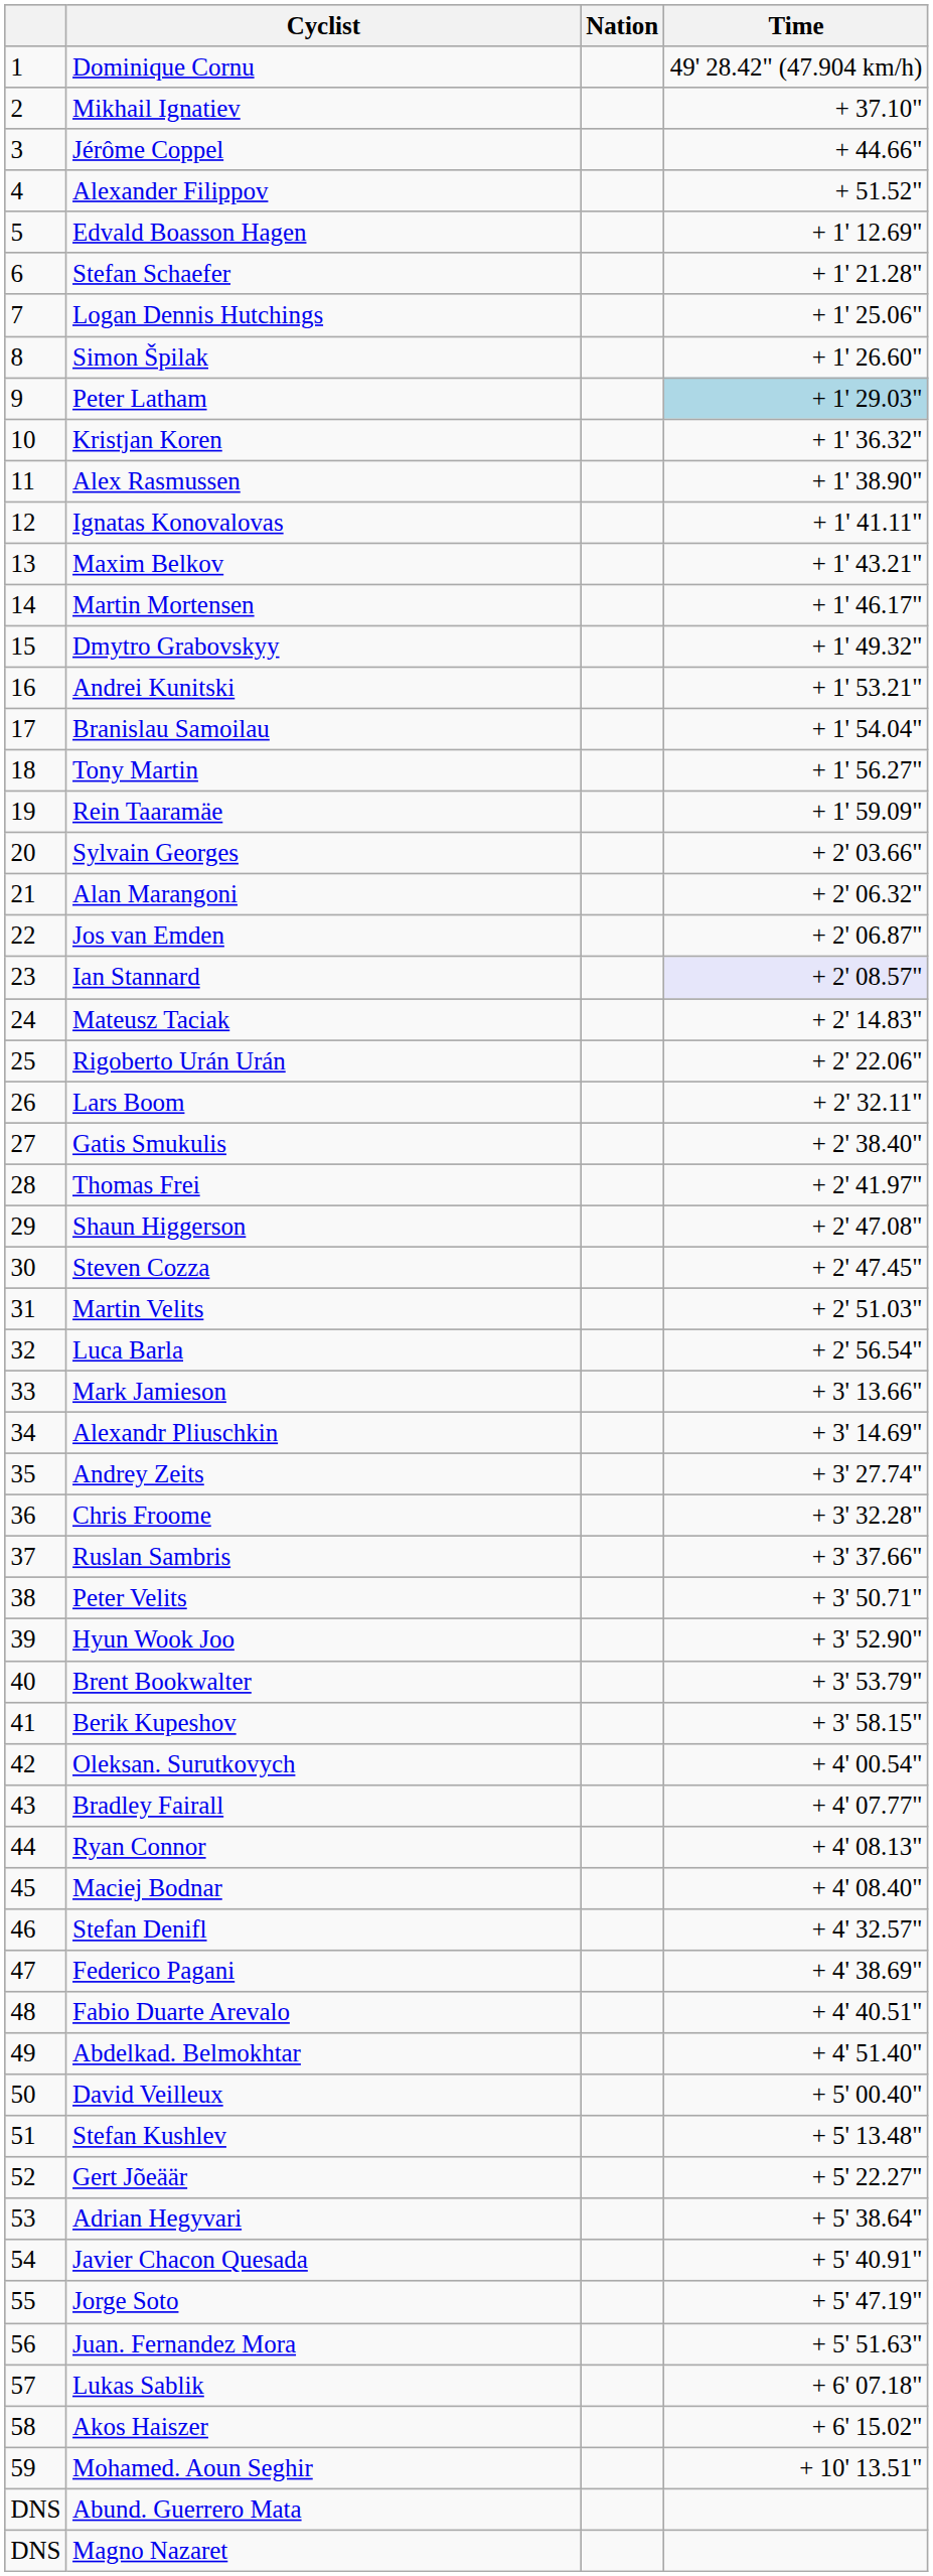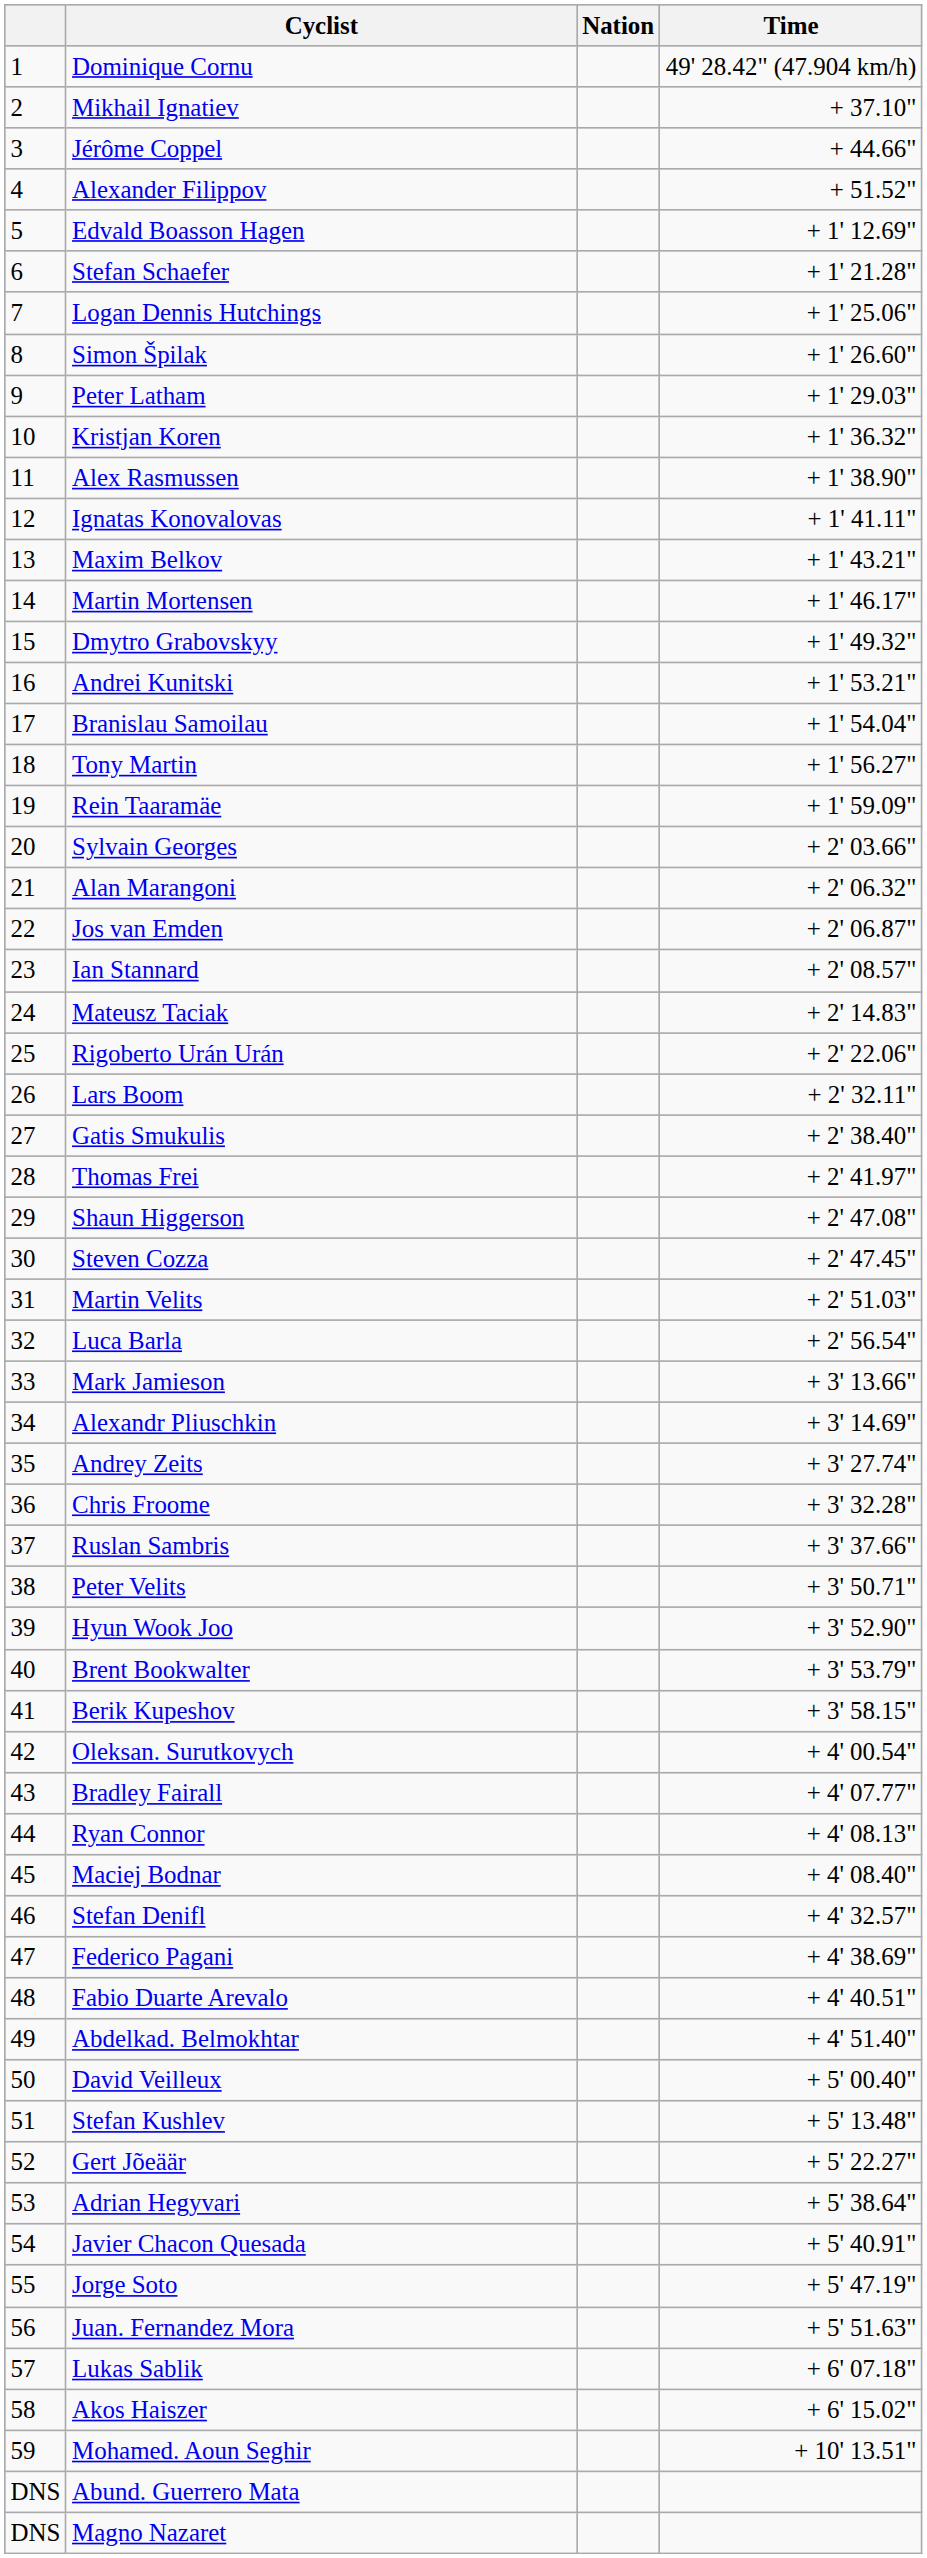 <table class="wikitable" style="font-size:95%;">
 <tr>
 <th></th>
 <th align="left" style="width: 20em">Cyclist</th>
 <th>Nation</th>
 <th>Time</th>
 </tr>
 <tr>
 <td>1</td>
 <td><a href='#'>Dominique Cornu</a></td>
 <td></td>
 <td>49' 28.42" (47.904 km/h)</td>
 </tr>
 <tr>
 <td>2</td>
 <td><a href='#'>Mikhail Ignatiev</a></td>
 <td></td>
 <td align=right>+ 37.10"</td>
 </tr>
 <tr>
 <td>3</td>
 <td><a href='#'>Jérôme Coppel</a></td>
 <td></td>
 <td align=right>+ 44.66"</td>
 </tr>
 <tr>
 <td>4</td>
 <td><a href='#'>Alexander Filippov</a></td>
 <td></td>
 <td align=right>+ 51.52"</td>
 </tr>
 <tr>
 <td>5</td>
 <td><a href='#'>Edvald Boasson Hagen</a></td>
 <td></td>
 <td align=right>+ 1' 12.69"</td>
 </tr>
 <tr>
 <td>6</td>
 <td><a href='#'>Stefan Schaefer</a></td>
 <td></td>
 <td align=right>+ 1' 21.28"</td>
 </tr>
 <tr>
 <td>7</td>
 <td><a href='#'>Logan Dennis Hutchings</a></td>
 <td></td>
 <td align=right>+ 1' 25.06"</td>
 </tr>
 <tr>
 <td>8</td>
 <td><a href='#'>Simon Špilak</a></td>
 <td></td>
 <td align=right>+ 1' 26.60"</td>
 </tr>
 <tr>
 <td>9</td>
 <td><a href='#'>Peter Latham</a></td>
 <td></td>
-<td align=right style="background: lightblue;">+ 1' 29.03"</td>
+<td align=right>+ 1' 29.03"</td>
 </tr>
 <tr>
 <td>10</td>
 <td><a href='#'>Kristjan Koren</a></td>
 <td></td>
 <td align=right>+ 1' 36.32"</td>
 </tr>
 <tr>
 <td>11</td>
 <td><a href='#'>Alex Rasmussen</a></td>
 <td></td>
 <td align=right>+ 1' 38.90"</td>
 </tr>
 <tr>
 <td>12</td>
 <td><a href='#'>Ignatas Konovalovas</a></td>
 <td></td>
 <td align=right>+ 1' 41.11"</td>
 </tr>
 <tr>
 <td>13</td>
 <td><a href='#'>Maxim Belkov</a></td>
 <td></td>
 <td align=right>+ 1' 43.21"</td>
 </tr>
 <tr>
 <td>14</td>
 <td><a href='#'>Martin Mortensen</a></td>
 <td></td>
 <td align=right>+ 1' 46.17"</td>
 </tr>
 <tr>
 <td>15</td>
 <td><a href='#'>Dmytro Grabovskyy</a></td>
 <td></td>
 <td align=right>+ 1' 49.32"</td>
 </tr>
 <tr>
 <td>16</td>
 <td><a href='#'>Andrei Kunitski</a></td>
 <td></td>
 <td align=right>+ 1' 53.21"</td>
 </tr>
 <tr>
 <td>17</td>
 <td><a href='#'>Branislau Samoilau</a></td>
 <td></td>
 <td align=right>+ 1' 54.04"</td>
 </tr>
 <tr>
 <td>18</td>
 <td><a href='#'>Tony Martin</a></td>
 <td></td>
 <td align=right>+ 1' 56.27"</td>
 </tr>
 <tr>
 <td>19</td>
 <td><a href='#'>Rein Taaramäe</a></td>
 <td></td>
 <td align=right>+ 1' 59.09"</td>
 </tr>
 <tr>
 <td>20</td>
 <td><a href='#'>Sylvain Georges</a></td>
 <td></td>
 <td align=right>+ 2' 03.66"</td>
 </tr>
 <tr>
 <td>21</td>
 <td><a href='#'>Alan Marangoni</a></td>
 <td></td>
 <td align=right>+ 2' 06.32"</td>
 </tr>
 <tr>
 <td>22</td>
 <td><a href='#'>Jos van Emden</a></td>
 <td></td>
 <td align=right>+ 2' 06.87"</td>
 </tr>
 <tr>
 <td>23</td>
 <td><a href='#'>Ian Stannard</a></td>
 <td></td>
-<td align=right style="background: lavender;">+ 2' 08.57"</td>
+<td align=right>+ 2' 08.57"</td>
 </tr>
 <tr>
 <td>24</td>
 <td><a href='#'>Mateusz Taciak</a></td>
 <td></td>
 <td align=right>+ 2' 14.83"</td>
 </tr>
 <tr>
 <td>25</td>
 <td><a href='#'>Rigoberto Urán Urán</a></td>
 <td></td>
 <td align=right>+ 2' 22.06"</td>
 </tr>
 <tr>
 <td>26</td>
 <td><a href='#'>Lars Boom</a></td>
 <td></td>
 <td align=right>+ 2' 32.11"</td>
 </tr>
 <tr>
 <td>27</td>
 <td><a href='#'>Gatis Smukulis</a></td>
 <td></td>
 <td align=right>+ 2' 38.40"</td>
 </tr>
 <tr>
 <td>28</td>
 <td><a href='#'>Thomas Frei</a></td>
 <td></td>
 <td align=right>+ 2' 41.97"</td>
 </tr>
 <tr>
 <td>29</td>
 <td><a href='#'>Shaun Higgerson</a></td>
 <td></td>
 <td align=right>+ 2' 47.08"</td>
 </tr>
 <tr>
 <td>30</td>
 <td><a href='#'>Steven Cozza</a></td>
 <td></td>
 <td align=right>+ 2' 47.45"</td>
 </tr>
 <tr>
 <td>31</td>
 <td><a href='#'>Martin Velits</a></td>
 <td></td>
 <td align=right>+ 2' 51.03"</td>
 </tr>
 <tr>
 <td>32</td>
 <td><a href='#'>Luca Barla</a></td>
 <td></td>
 <td align=right>+ 2' 56.54"</td>
 </tr>
 <tr>
 <td>33</td>
 <td><a href='#'>Mark Jamieson</a></td>
 <td></td>
 <td align=right>+ 3' 13.66"</td>
 </tr>
 <tr>
 <td>34</td>
 <td><a href='#'>Alexandr Pliuschkin</a></td>
 <td></td>
 <td align=right>+ 3' 14.69"</td>
 </tr>
 <tr>
 <td>35</td>
 <td><a href='#'>Andrey Zeits</a></td>
 <td></td>
 <td align=right>+ 3' 27.74"</td>
 </tr>
 <tr>
 <td>36</td>
 <td><a href='#'>Chris Froome</a></td>
 <td></td>
 <td align=right>+ 3' 32.28"</td>
 </tr>
 <tr>
 <td>37</td>
 <td><a href='#'>Ruslan Sambris</a></td>
 <td></td>
 <td align=right>+ 3' 37.66"</td>
 </tr>
 <tr>
 <td>38</td>
 <td><a href='#'>Peter Velits</a></td>
 <td></td>
 <td align=right>+ 3' 50.71"</td>
 </tr>
 <tr>
 <td>39</td>
 <td><a href='#'>Hyun Wook Joo</a></td>
 <td></td>
 <td align=right>+ 3' 52.90"</td>
 </tr>
 <tr>
 <td>40</td>
 <td><a href='#'>Brent Bookwalter</a></td>
 <td></td>
 <td align=right>+ 3' 53.79"</td>
 </tr>
 <tr>
 <td>41</td>
 <td><a href='#'>Berik Kupeshov</a></td>
 <td></td>
 <td align=right>+ 3' 58.15"</td>
 </tr>
 <tr>
 <td>42</td>
 <td><a href='#'>Oleksan. Surutkovych</a></td>
 <td></td>
 <td align=right>+ 4' 00.54"</td>
 </tr>
 <tr>
 <td>43</td>
 <td><a href='#'>Bradley Fairall</a></td>
 <td></td>
 <td align=right>+ 4' 07.77"</td>
 </tr>
 <tr>
 <td>44</td>
 <td><a href='#'>Ryan Connor</a></td>
 <td></td>
 <td align=right>+ 4' 08.13"</td>
 </tr>
 <tr>
 <td>45</td>
 <td><a href='#'>Maciej Bodnar</a></td>
 <td></td>
 <td align=right>+ 4' 08.40"</td>
 </tr>
 <tr>
 <td>46</td>
 <td><a href='#'>Stefan Denifl</a></td>
 <td></td>
 <td align=right>+ 4' 32.57"</td>
 </tr>
 <tr>
 <td>47</td>
 <td><a href='#'>Federico Pagani</a></td>
 <td></td>
 <td align=right>+ 4' 38.69"</td>
 </tr>
 <tr>
 <td>48</td>
 <td><a href='#'>Fabio Duarte Arevalo</a></td>
 <td></td>
 <td align=right>+ 4' 40.51"</td>
 </tr>
 <tr>
 <td>49</td>
 <td><a href='#'>Abdelkad. Belmokhtar</a></td>
 <td></td>
 <td align=right>+ 4' 51.40"</td>
 </tr>
 <tr>
 <td>50</td>
 <td><a href='#'>David Veilleux</a></td>
 <td></td>
 <td align=right>+ 5' 00.40"</td>
 </tr>
 <tr>
 <td>51</td>
 <td><a href='#'>Stefan Kushlev</a></td>
 <td></td>
 <td align=right>+ 5' 13.48"</td>
 </tr>
 <tr>
 <td>52</td>
 <td><a href='#'>Gert Jõeäär</a></td>
 <td></td>
 <td align=right>+ 5' 22.27"</td>
 </tr>
 <tr>
 <td>53</td>
 <td><a href='#'>Adrian Hegyvari</a></td>
 <td></td>
 <td align=right>+ 5' 38.64"</td>
 </tr>
 <tr>
 <td>54</td>
 <td><a href='#'>Javier Chacon Quesada</a></td>
 <td></td>
 <td align=right>+ 5' 40.91"</td>
 </tr>
 <tr>
 <td>55</td>
 <td><a href='#'>Jorge Soto</a></td>
 <td></td>
 <td align=right>+ 5' 47.19"</td>
 </tr>
 <tr>
 <td>56</td>
 <td><a href='#'>Juan. Fernandez Mora</a></td>
 <td></td>
 <td align=right>+ 5' 51.63"</td>
 </tr>
 <tr>
 <td>57</td>
 <td><a href='#'>Lukas Sablik</a></td>
 <td></td>
 <td align=right>+ 6' 07.18"</td>
 </tr>
 <tr>
 <td>58</td>
 <td><a href='#'>Akos Haiszer</a></td>
 <td></td>
 <td align=right>+ 6' 15.02"</td>
 </tr>
 <tr>
 <td>59</td>
 <td><a href='#'>Mohamed. Aoun Seghir</a></td>
 <td></td>
 <td align=right>+ 10' 13.51"</td>
 </tr>
 <tr>
 <td>DNS</td>
 <td><a href='#'>Abund. Guerrero Mata</a></td>
 <td></td>
 <td></td>
 </tr>
 <tr>
 <td>DNS</td>
 <td><a href='#'>Magno Nazaret</a></td>
 <td></td>
 <td></td>
 </tr>
 </table>
